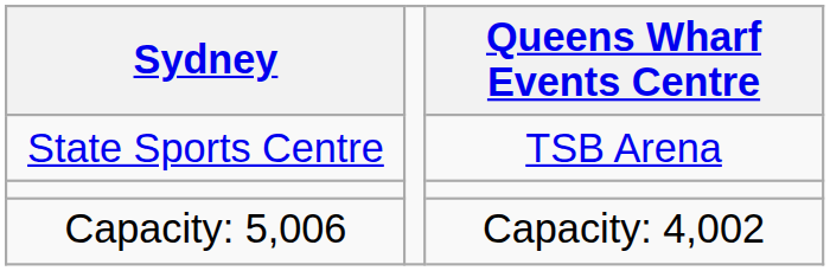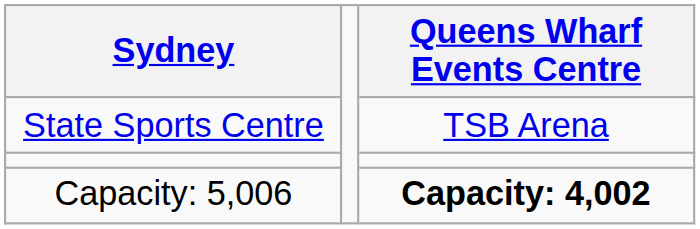 <table class=wikitable align="center" style="text-align:center;">
 <tr>
 <th width=150px><a href='#'>Sydney</a></th>
 <td rowspan=4></td>
 <th width=150px><a href='#'>Queens Wharf Events Centre</a></th>
 </tr>
 <tr>
 <td><a href='#'>State Sports Centre</a></td>
 <td><a href='#'>TSB Arena</a></td>
 </tr>
 <tr>
 <td></td>
 <td></td>
 </tr>
 <tr>
 <td>Capacity: 5,006</td>
-<td>Capacity: 4,002</td>
+<td><strong>Capacity: 4,002</strong></td>
 </tr>
 </table>
